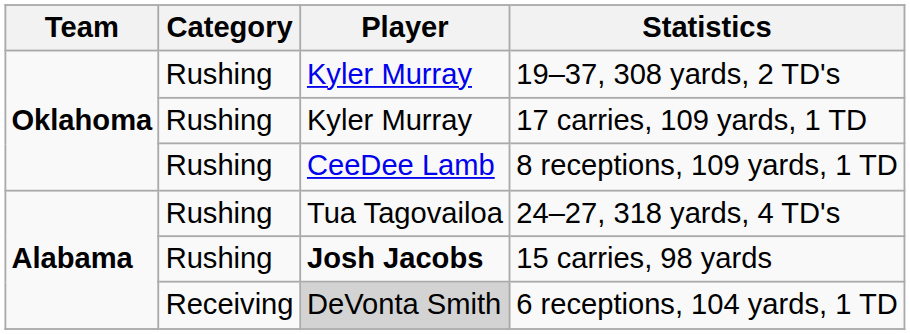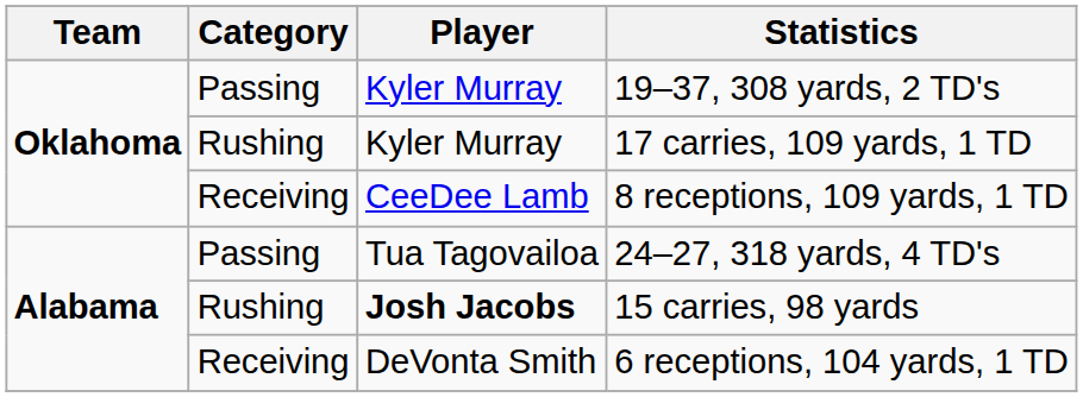 <table class="wikitable" style="float: right;">
 <tr>
 <th>Team</th>
 <th>Category</th>
 <th>Player</th>
 <th>Statistics</th>
 </tr>
 <tr>
 <td rowspan=3><strong>Oklahoma</strong></td>
-<td>Rushing</td>
+<td>Passing</td>
 <td><a href='#'>Kyler Murray</a></td>
 <td>19–37, 308 yards, 2 TD's</td>
 </tr>
 <tr>
 <td>Rushing</td>
 <td>Kyler Murray</td>
 <td>17 carries, 109 yards, 1 TD</td>
 </tr>
 <tr>
-<td>Rushing</td>
+<td>Receiving</td>
 <td><a href='#'>CeeDee Lamb</a></td>
 <td>8 receptions, 109 yards, 1 TD</td>
 </tr>
 <tr>
 <td rowspan=3><strong>Alabama</strong></td>
-<td>Rushing</td>
+<td>Passing</td>
 <td>Tua Tagovailoa</td>
 <td>24–27, 318 yards, 4 TD's</td>
 </tr>
 <tr>
 <td>Rushing</td>
 <td><strong>Josh Jacobs</strong></td>
 <td>15 carries, 98 yards</td>
 </tr>
 <tr>
 <td>Receiving</td>
-<td style="background: lightgrey;">DeVonta Smith</td>
+<td>DeVonta Smith</td>
 <td>6 receptions, 104 yards, 1 TD</td>
 </tr>
 </table>
